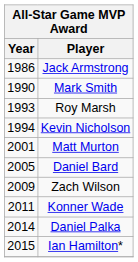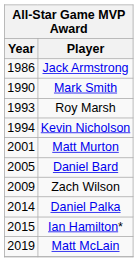 <table class="wikitable" style="display: inline-table; margin-right: 20px; text-align:center">
 <tr>
 <th scope="col" colspan="2" style="width: 145px;">All-Star Game MVP Award</th>
 </tr>
 <tr>
 <th scope="col">Year</th>
 <th scope="col">Player</th>
 </tr>
 <tr>
 <td>1986</td>
 <td><a href='#'>Jack Armstrong</a></td>
 </tr>
 <tr>
 <td>1990</td>
 <td><a href='#'>Mark Smith</a></td>
 </tr>
 <tr>
 <td>1993</td>
 <td>Roy Marsh</td>
 </tr>
 <tr>
 <td>1994</td>
 <td><a href='#'>Kevin Nicholson</a></td>
 </tr>
 <tr>
 <td>2001</td>
 <td><a href='#'>Matt Murton</a></td>
 </tr>
 <tr>
 <td>2005</td>
 <td><a href='#'>Daniel Bard</a></td>
 </tr>
 <tr>
 <td>2009</td>
 <td>Zach Wilson</td>
 </tr>
 <tr>
-<td>2011</td>
-<td><a href='#'>Konner Wade</a></td>
-</tr>
-<tr>
 <td>2014</td>
 <td><a href='#'>Daniel Palka</a></td>
 </tr>
 <tr>
 <td>2015</td>
 <td><a href='#'>Ian Hamilton</a>*</td>
 </tr>
 <tr>
+<td>2019</td>
+<td><a href='#'>Matt McLain</a></td>
+</tr>
+<tr>
 </tr>
 </table>
